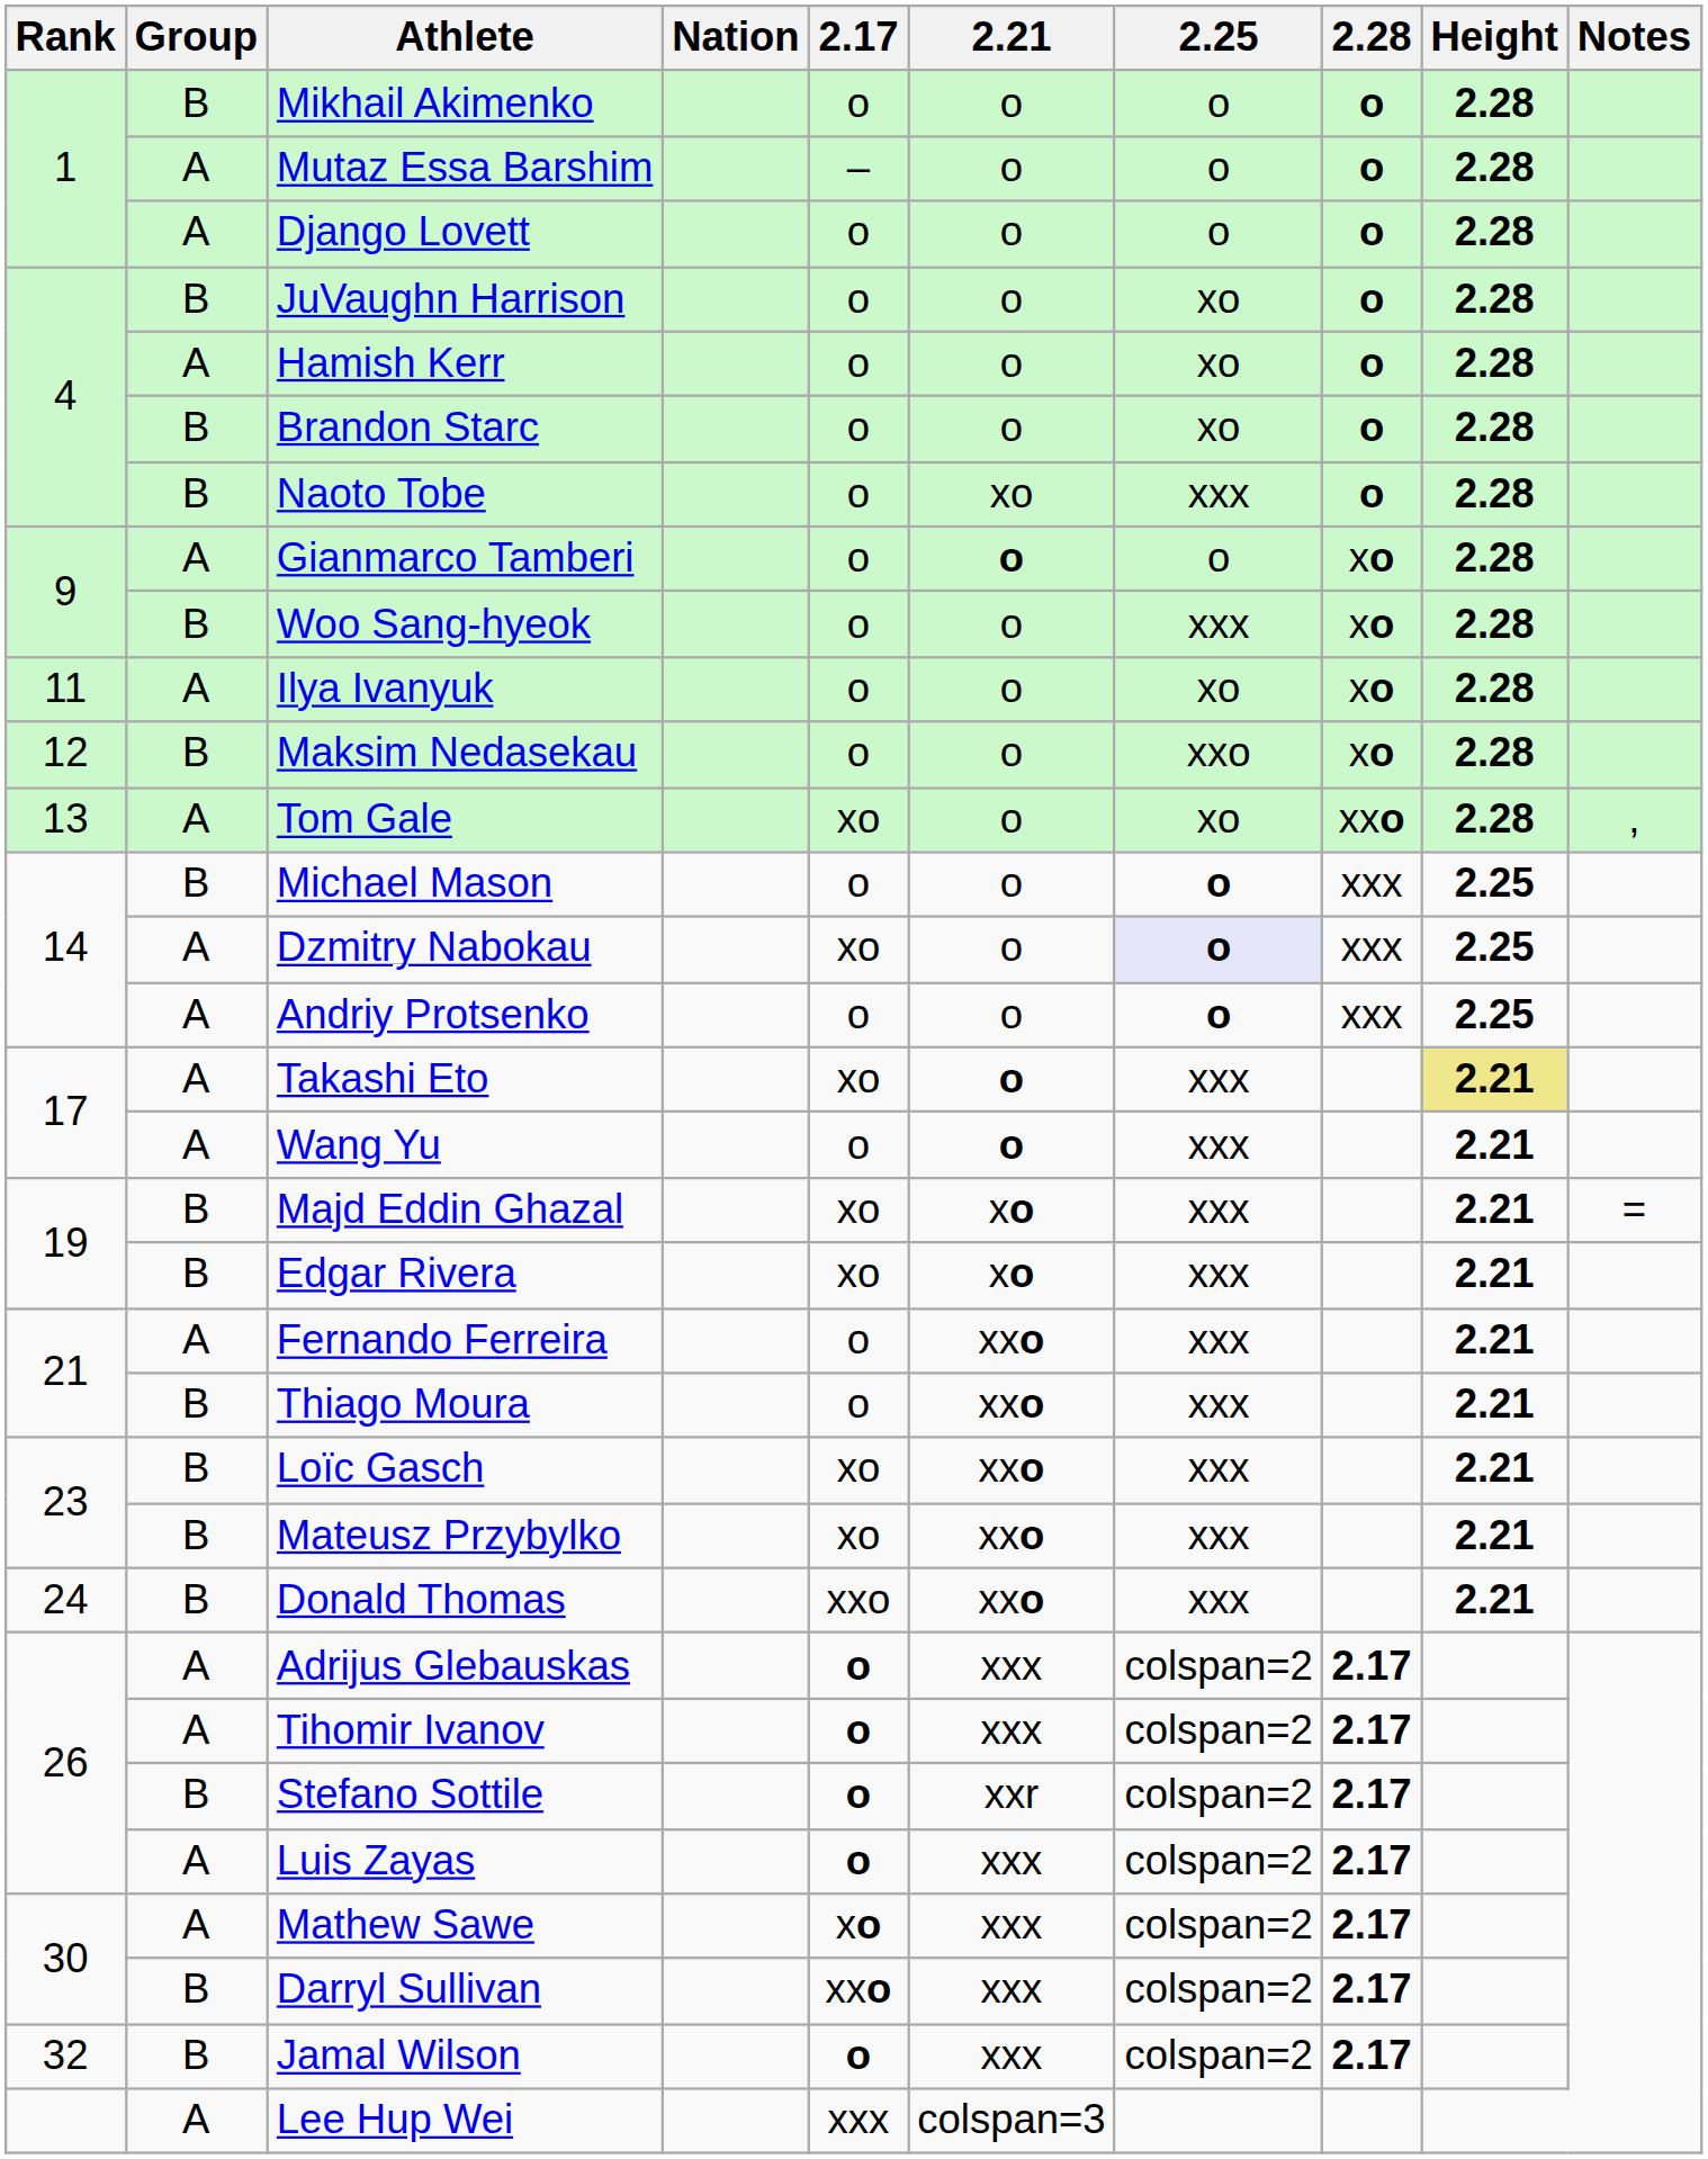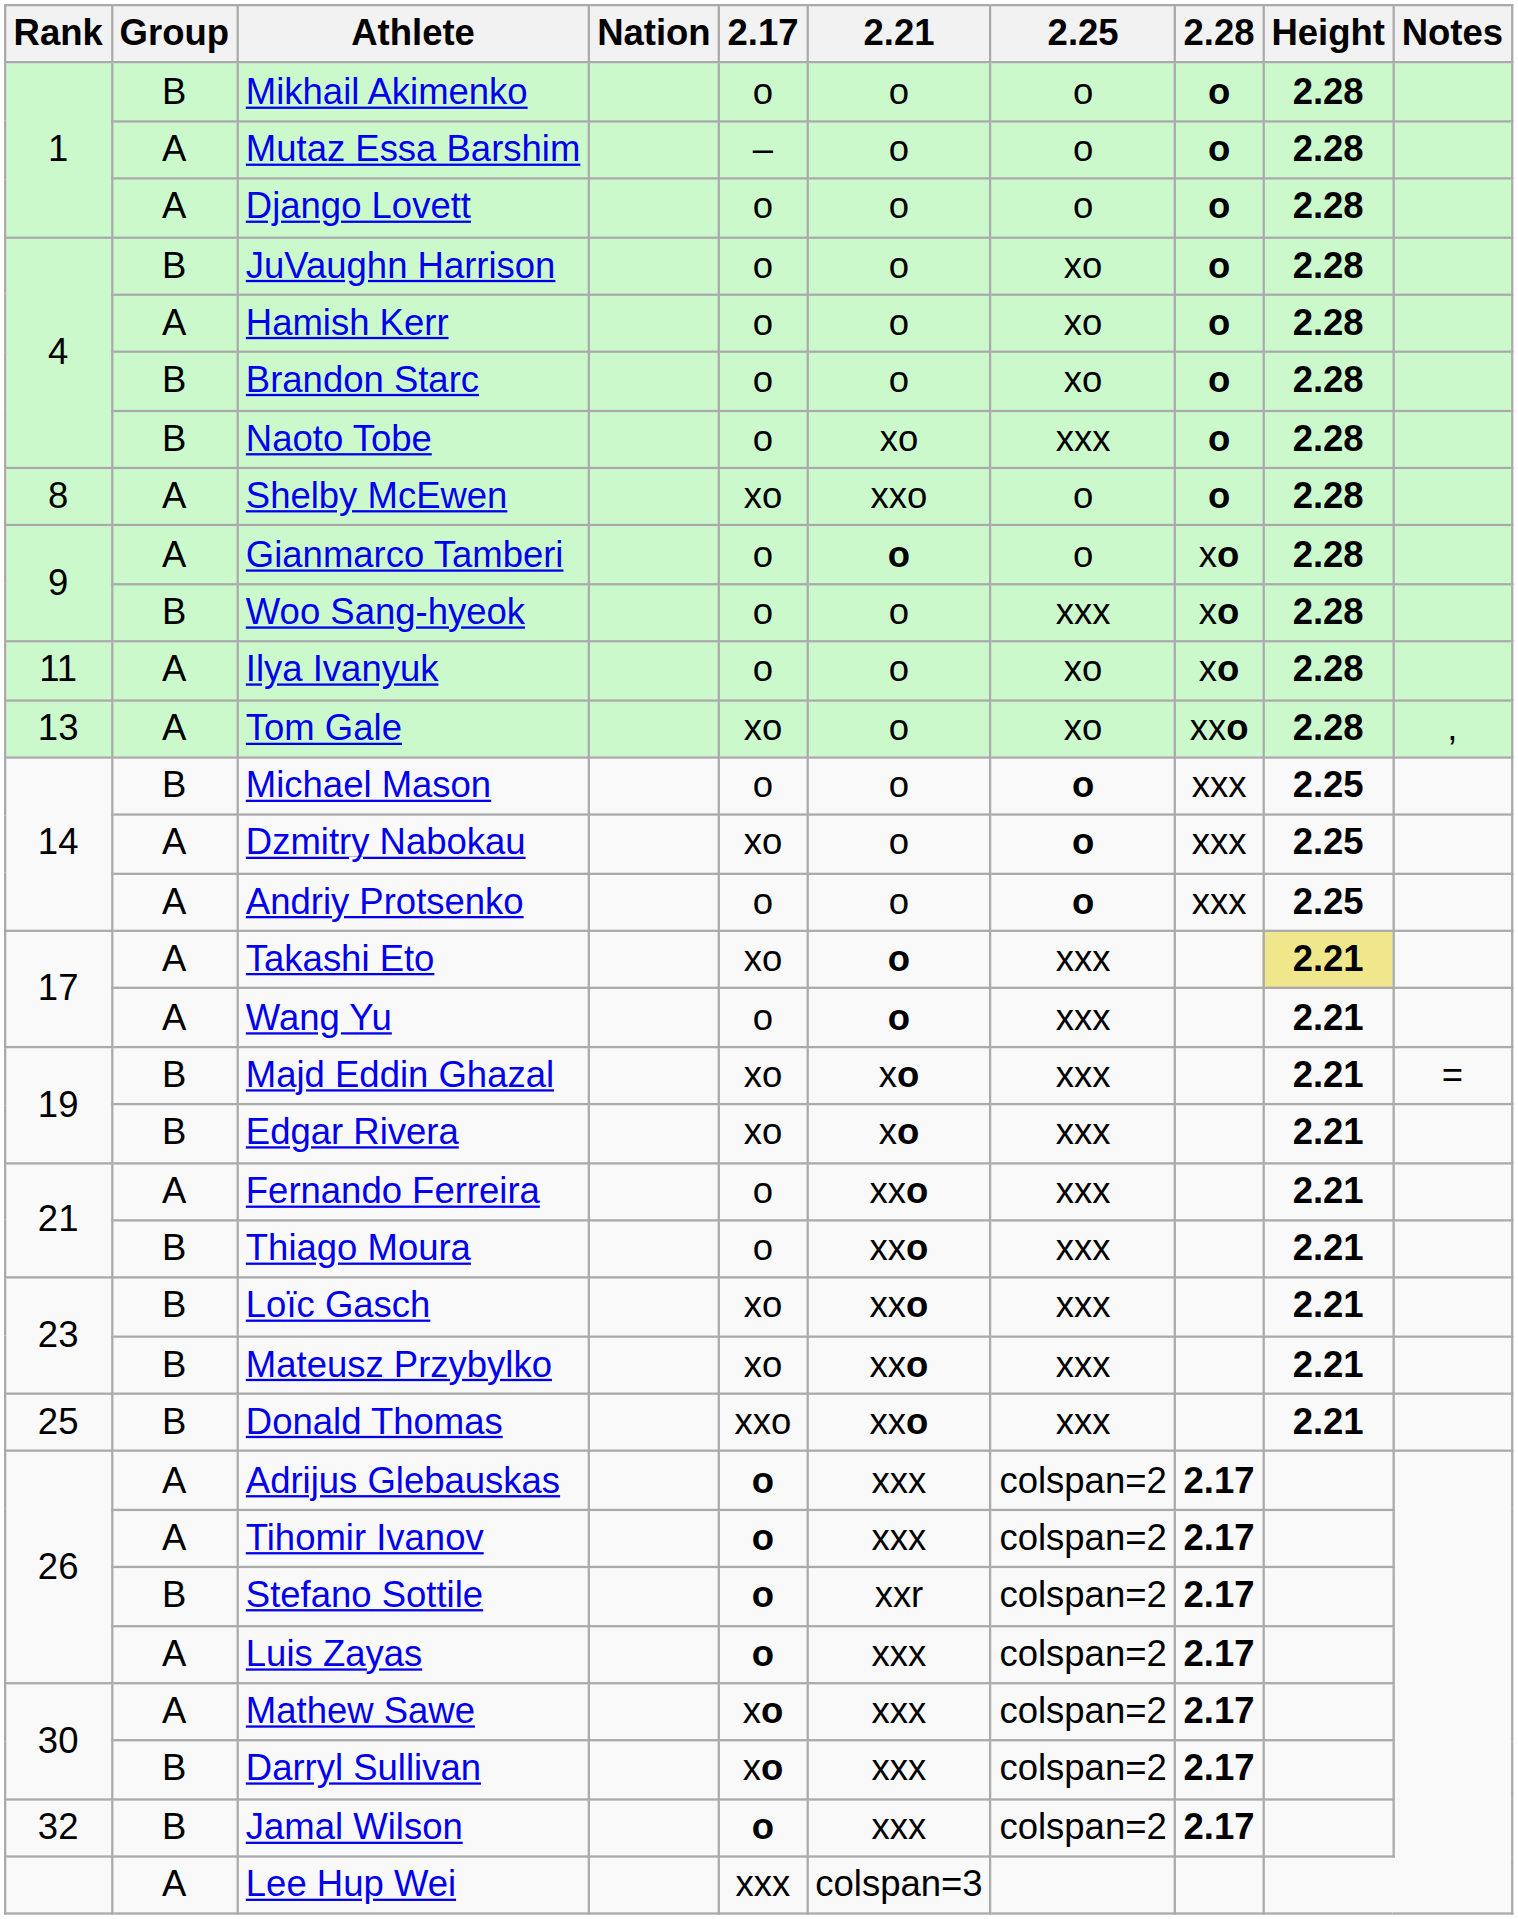 <table class="wikitable sortable" style="text-align:center">
 <tr>
 <th>Rank</th>
 <th>Group</th>
 <th>Athlete</th>
 <th>Nation</th>
 <th>2.17</th>
 <th>2.21</th>
 <th>2.25</th>
 <th>2.28</th>
 <th>Height</th>
 <th>Notes</th>
 </tr>
 <tr bgcolor=ccf9cc>
 <td rowspan=3>1</td>
 <td>B</td>
 <td align=left><a href='#'>Mikhail Akimenko</a></td>
 <td align=left></td>
 <td>o</td>
 <td>o</td>
 <td>o</td>
 <td><strong>o</strong></td>
 <td><strong>2.28</strong></td>
 <td></td>
 </tr>
 <tr bgcolor=ccf9cc>
 <td>A</td>
 <td align=left><a href='#'>Mutaz Essa Barshim</a></td>
 <td align=left></td>
 <td>–</td>
 <td>o</td>
 <td>o</td>
 <td><strong>o</strong></td>
 <td><strong>2.28</strong></td>
 <td></td>
 </tr>
 <tr bgcolor=ccf9cc>
 <td>A</td>
 <td align=left><a href='#'>Django Lovett</a></td>
 <td align=left></td>
 <td>o</td>
 <td>o</td>
 <td>o</td>
 <td><strong>o</strong></td>
 <td><strong>2.28</strong></td>
 <td></td>
 </tr>
 <tr bgcolor=ccf9cc>
 <td rowspan=4>4</td>
 <td>B</td>
 <td align=left><a href='#'>JuVaughn Harrison</a></td>
 <td align=left></td>
 <td>o</td>
 <td>o</td>
 <td>xo</td>
 <td><strong>o</strong></td>
 <td><strong>2.28</strong></td>
 <td></td>
 </tr>
 <tr bgcolor=ccf9cc>
 <td>A</td>
 <td align=left><a href='#'>Hamish Kerr</a></td>
 <td align=left></td>
 <td>o</td>
 <td>o</td>
 <td>xo</td>
 <td><strong>o</strong></td>
 <td><strong>2.28</strong></td>
 <td></td>
 </tr>
 <tr bgcolor=ccf9cc>
 <td>B</td>
 <td align=left><a href='#'>Brandon Starc</a></td>
 <td align=left></td>
 <td>o</td>
 <td>o</td>
 <td>xo</td>
 <td><strong>o</strong></td>
 <td><strong>2.28</strong></td>
 <td></td>
 </tr>
 <tr bgcolor=ccf9cc>
 <td>B</td>
 <td align=left><a href='#'>Naoto Tobe</a></td>
 <td align=left></td>
 <td>o</td>
 <td>xo</td>
 <td>xxx</td>
 <td><strong>o</strong></td>
 <td><strong>2.28</strong></td>
 <td></td>
 </tr>
 <tr bgcolor=ccf9cc>
+<td>8</td>
+<td>A</td>
+<td align=left><a href='#'>Shelby McEwen</a></td>
+<td align=left></td>
+<td>xo</td>
+<td>xxo</td>
+<td>o</td>
+<td><strong>o</strong></td>
+<td><strong>2.28</strong></td>
+<td></td>
+</tr>
+<tr bgcolor=ccf9cc>
 <td rowspan=2>9</td>
 <td>A</td>
 <td align=left><a href='#'>Gianmarco Tamberi</a></td>
 <td align=left></td>
 <td>o</td>
 <td><strong>o</strong></td>
 <td>o</td>
 <td>x<strong>o</strong></td>
 <td><strong>2.28</strong></td>
 <td></td>
 </tr>
 <tr bgcolor=ccf9cc>
 <td>B</td>
 <td align=left><a href='#'>Woo Sang-hyeok</a></td>
 <td align=left></td>
 <td>o</td>
 <td>o</td>
 <td>xxx</td>
 <td>x<strong>o</strong></td>
 <td><strong>2.28</strong></td>
 <td></td>
 </tr>
 <tr bgcolor=ccf9cc>
 <td>11</td>
 <td>A</td>
 <td align=left><a href='#'>Ilya Ivanyuk</a></td>
 <td align=left></td>
 <td>o</td>
 <td>o</td>
 <td>xo</td>
 <td>x<strong>o</strong></td>
 <td><strong>2.28</strong></td>
 <td></td>
 </tr>
 <tr bgcolor=ccf9cc>
-<td>12</td>
-<td>B</td>
-<td align=left><a href='#'>Maksim Nedasekau</a></td>
-<td align=left></td>
-<td>o</td>
-<td>o</td>
-<td>xxo</td>
-<td>x<strong>o</strong></td>
-<td><strong>2.28</strong></td>
-<td></td>
-</tr>
-<tr bgcolor=ccf9cc>
 <td>13</td>
 <td>A</td>
 <td align=left><a href='#'>Tom Gale</a></td>
 <td align=left></td>
 <td>xo</td>
 <td>o</td>
 <td>xo</td>
 <td>xx<strong>o</strong></td>
 <td><strong>2.28</strong></td>
 <td>, </td>
 </tr>
 <tr>
 <td rowspan=3>14</td>
 <td>B</td>
 <td align=left><a href='#'>Michael Mason</a></td>
 <td align=left></td>
 <td>o</td>
 <td>o</td>
 <td><strong>o</strong></td>
 <td>xxx</td>
 <td><strong>2.25</strong></td>
 <td></td>
 </tr>
 <tr>
 <td>A</td>
 <td align=left><a href='#'>Dzmitry Nabokau</a></td>
 <td align=left></td>
 <td>xo</td>
 <td>o</td>
-<td style="background: lavender;"><strong>o</strong></td>
+<td><strong>o</strong></td>
 <td>xxx</td>
 <td><strong>2.25</strong></td>
 <td></td>
 </tr>
 <tr>
 <td>A</td>
 <td align=left><a href='#'>Andriy Protsenko</a></td>
 <td align=left></td>
 <td>o</td>
 <td>o</td>
 <td><strong>o</strong></td>
 <td>xxx</td>
 <td><strong>2.25</strong></td>
 <td></td>
 </tr>
 <tr>
 <td rowspan=2>17</td>
 <td>A</td>
 <td align=left><a href='#'>Takashi Eto</a></td>
 <td align=left></td>
 <td>xo</td>
 <td><strong>o</strong></td>
 <td>xxx</td>
 <td></td>
 <td style="background: khaki;"><strong>2.21</strong></td>
 <td></td>
 </tr>
 <tr>
 <td>A</td>
 <td align=left><a href='#'>Wang Yu</a></td>
 <td align=left></td>
 <td>o</td>
 <td><strong>o</strong></td>
 <td>xxx</td>
 <td></td>
 <td><strong>2.21</strong></td>
 <td></td>
 </tr>
 <tr>
 <td rowspan=2>19</td>
 <td>B</td>
 <td align=left><a href='#'>Majd Eddin Ghazal</a></td>
 <td align=left></td>
 <td>xo</td>
 <td>x<strong>o</strong></td>
 <td>xxx</td>
 <td></td>
 <td><strong>2.21</strong></td>
 <td>=</td>
 </tr>
 <tr>
 <td>B</td>
 <td align=left><a href='#'>Edgar Rivera</a></td>
 <td align=left></td>
 <td>xo</td>
 <td>x<strong>o</strong></td>
 <td>xxx</td>
 <td></td>
 <td><strong>2.21</strong></td>
 <td></td>
 </tr>
 <tr>
 <td rowspan=2>21</td>
 <td>A</td>
 <td align=left><a href='#'>Fernando Ferreira</a></td>
 <td align=left></td>
 <td>o</td>
 <td>xx<strong>o</strong></td>
 <td>xxx</td>
 <td></td>
 <td><strong>2.21</strong></td>
 <td></td>
 </tr>
 <tr>
 <td>B</td>
 <td align=left><a href='#'>Thiago Moura</a></td>
 <td align=left></td>
 <td>o</td>
 <td>xx<strong>o</strong></td>
 <td>xxx</td>
 <td></td>
 <td><strong>2.21</strong></td>
 <td></td>
 </tr>
 <tr>
 <td rowspan=2>23</td>
 <td>B</td>
 <td align=left><a href='#'>Loïc Gasch</a></td>
 <td align=left></td>
 <td>xo</td>
 <td>xx<strong>o</strong></td>
 <td>xxx</td>
 <td></td>
 <td><strong>2.21</strong></td>
 <td></td>
 </tr>
 <tr>
 <td>B</td>
 <td align=left><a href='#'>Mateusz Przybylko</a></td>
 <td align=left></td>
 <td>xo</td>
 <td>xx<strong>o</strong></td>
 <td>xxx</td>
 <td></td>
 <td><strong>2.21</strong></td>
 <td></td>
 </tr>
 <tr>
-<td>24</td>
+<td>25</td>
 <td>B</td>
 <td align=left><a href='#'>Donald Thomas</a></td>
 <td align=left></td>
 <td>xxo</td>
 <td>xx<strong>o</strong></td>
 <td>xxx</td>
 <td></td>
 <td><strong>2.21</strong></td>
 <td></td>
 </tr>
 <tr>
 <td rowspan=4>26</td>
 <td>A</td>
 <td align=left><a href='#'>Adrijus Glebauskas</a></td>
 <td align=left></td>
 <td><strong>o</strong></td>
 <td>xxx</td>
 <td>colspan=2 </td>
 <td><strong>2.17</strong></td>
 <td></td>
 </tr>
 <tr>
 <td>A</td>
 <td align=left><a href='#'>Tihomir Ivanov</a></td>
 <td align=left></td>
 <td><strong>o</strong></td>
 <td>xxx</td>
 <td>colspan=2 </td>
 <td><strong>2.17</strong></td>
 <td></td>
 </tr>
 <tr>
 <td>B</td>
 <td align=left><a href='#'>Stefano Sottile</a></td>
 <td align=left></td>
 <td><strong>o</strong></td>
 <td>xxr</td>
 <td>colspan=2 </td>
 <td><strong>2.17</strong></td>
 <td></td>
 </tr>
 <tr>
 <td>A</td>
 <td align=left><a href='#'>Luis Zayas</a></td>
 <td align=left></td>
 <td><strong>o</strong></td>
 <td>xxx</td>
 <td>colspan=2 </td>
 <td><strong>2.17</strong></td>
 <td></td>
 </tr>
 <tr>
 <td rowspan=2>30</td>
 <td>A</td>
 <td align=left><a href='#'>Mathew Sawe</a></td>
 <td align=left></td>
 <td>x<strong>o</strong></td>
 <td>xxx</td>
 <td>colspan=2 </td>
 <td><strong>2.17</strong></td>
 <td></td>
 </tr>
 <tr>
 <td>B</td>
 <td align=left><a href='#'>Darryl Sullivan</a></td>
 <td align=left></td>
-<td>xx<strong>o</strong></td>
+<td>x<strong>o</strong></td>
 <td>xxx</td>
 <td>colspan=2 </td>
 <td><strong>2.17</strong></td>
 <td></td>
 </tr>
 <tr>
 <td>32</td>
 <td>B</td>
 <td align=left><a href='#'>Jamal Wilson</a></td>
 <td align=left></td>
 <td><strong>o</strong></td>
 <td>xxx</td>
 <td>colspan=2 </td>
 <td><strong>2.17</strong></td>
 <td></td>
 </tr>
 <tr>
 <td></td>
 <td>A</td>
 <td align=left><a href='#'>Lee Hup Wei</a></td>
 <td align=left></td>
 <td>xxx</td>
 <td>colspan=3 </td>
 <td></td>
 <td></td>
 </tr>
 </table>
